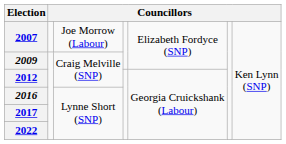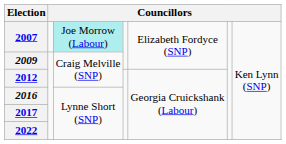 <table class="wikitable" style="text-align:center">
 <tr>
 <th>Election</th>
 <th colspan="8">Councillors</th>
 </tr>
 <tr>
 <th><a href='#'>2007</a></th>
 <td rowspan="1;" style="background-color: "></td>
-<td rowspan="1">Joe Morrow<br>(<a href='#'>Labour</a>)</td>
+<td rowspan="1" style="background: paleturquoise;">Joe Morrow<br>(<a href='#'>Labour</a>)</td>
 <td rowspan="2;" style="background-color: "></td>
 <td rowspan="2">Elizabeth Fordyce<br>(<a href='#'>SNP</a>)</td>
 <td rowspan="6;" style="background-color: "></td>
 <td rowspan="6">Ken Lynn<br>(<a href='#'>SNP</a>)</td>
 </tr>
 <tr>
 <th><em>2009</em></th>
 <td rowspan="5;" style="background-color: "></td>
 <td rowspan="2">Craig Melville<br>(<a href='#'>SNP</a>)</td>
 </tr>
 <tr>
 <th><a href='#'>2012</a></th>
 <td rowspan="4;" style="background-color: "></td>
 <td rowspan="4">Georgia Cruickshank<br>(<a href='#'>Labour</a>)</td>
 </tr>
 <tr>
 <th><em>2016</em></th>
 <td rowspan="3">Lynne Short<br>(<a href='#'>SNP</a>)</td>
 </tr>
 <tr>
 <th><a href='#'>2017</a></th>
 </tr>
 <tr>
 <th><a href='#'>2022</a></th>
 </tr>
 </table>
